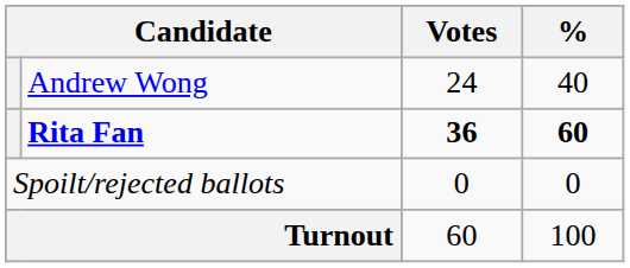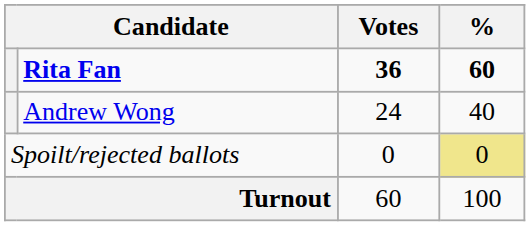 <table class=wikitable style="font-size: 90%;">
 <tr>
 <th colspan="2">Candidate</th>
 <th style="width: 50px">Votes</th>
 <th style="width: 40px">%</th>
 </tr>
 <tr>
 <th style="background-color: "></th>
+<td style="width: 170px"><strong><a href='#'>Rita Fan</a></strong> </td>
+<td align="center"><strong>36</strong></td>
+<td align="center"><strong>60</strong></td>
+</tr>
+<tr>
+<th style="background-color: "></th>
 <td style="width: 170px"><a href='#'>Andrew Wong</a></td>
 <td align="center">24</td>
 <td align="center">40</td>
 </tr>
 <tr>
-<th style="background-color: "></th>
-<td style="width: 170px"><strong><a href='#'>Rita Fan</a></strong> </td>
-<td align="center"><strong>36</strong></td>
-<td align="center"><strong>60</strong></td>
-</tr>
-<tr>
 <td colspan="2"><em>Spoilt/rejected ballots</em></td>
 <td align="center">0</td>
-<td align="center">0</td>
+<td align="center" style="background: khaki;">0</td>
 </tr>
 <tr>
 <th colspan="2" style="text-align:right">Turnout</th>
 <td align="center">60</td>
 <td align="center">100</td>
 </tr>
 </table>
